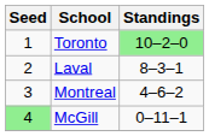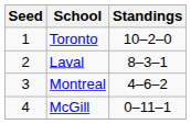 <table class="wikitable">
 <tr>
 <th>Seed</th>
 <th>School</th>
 <th>Standings</th>
 </tr>
 <tr>
 <td align=center>1</td>
 <td><a href='#'>Toronto</a></td>
-<td align=center style="background: lightgreen;">10–2–0</td>
+<td align=center>10–2–0</td>
 </tr>
 <tr>
 <td align=center>2</td>
 <td><a href='#'>Laval</a></td>
 <td align=center>8–3–1</td>
 </tr>
 <tr>
 <td align=center>3</td>
 <td><a href='#'>Montreal</a></td>
 <td align=center>4–6–2</td>
 </tr>
 <tr>
-<td align=center style="background: lightgreen;">4</td>
+<td align=center>4</td>
 <td><a href='#'>McGill</a></td>
 <td align=center>0–11–1</td>
 </tr>
 <tr>
 </tr>
 </table>
